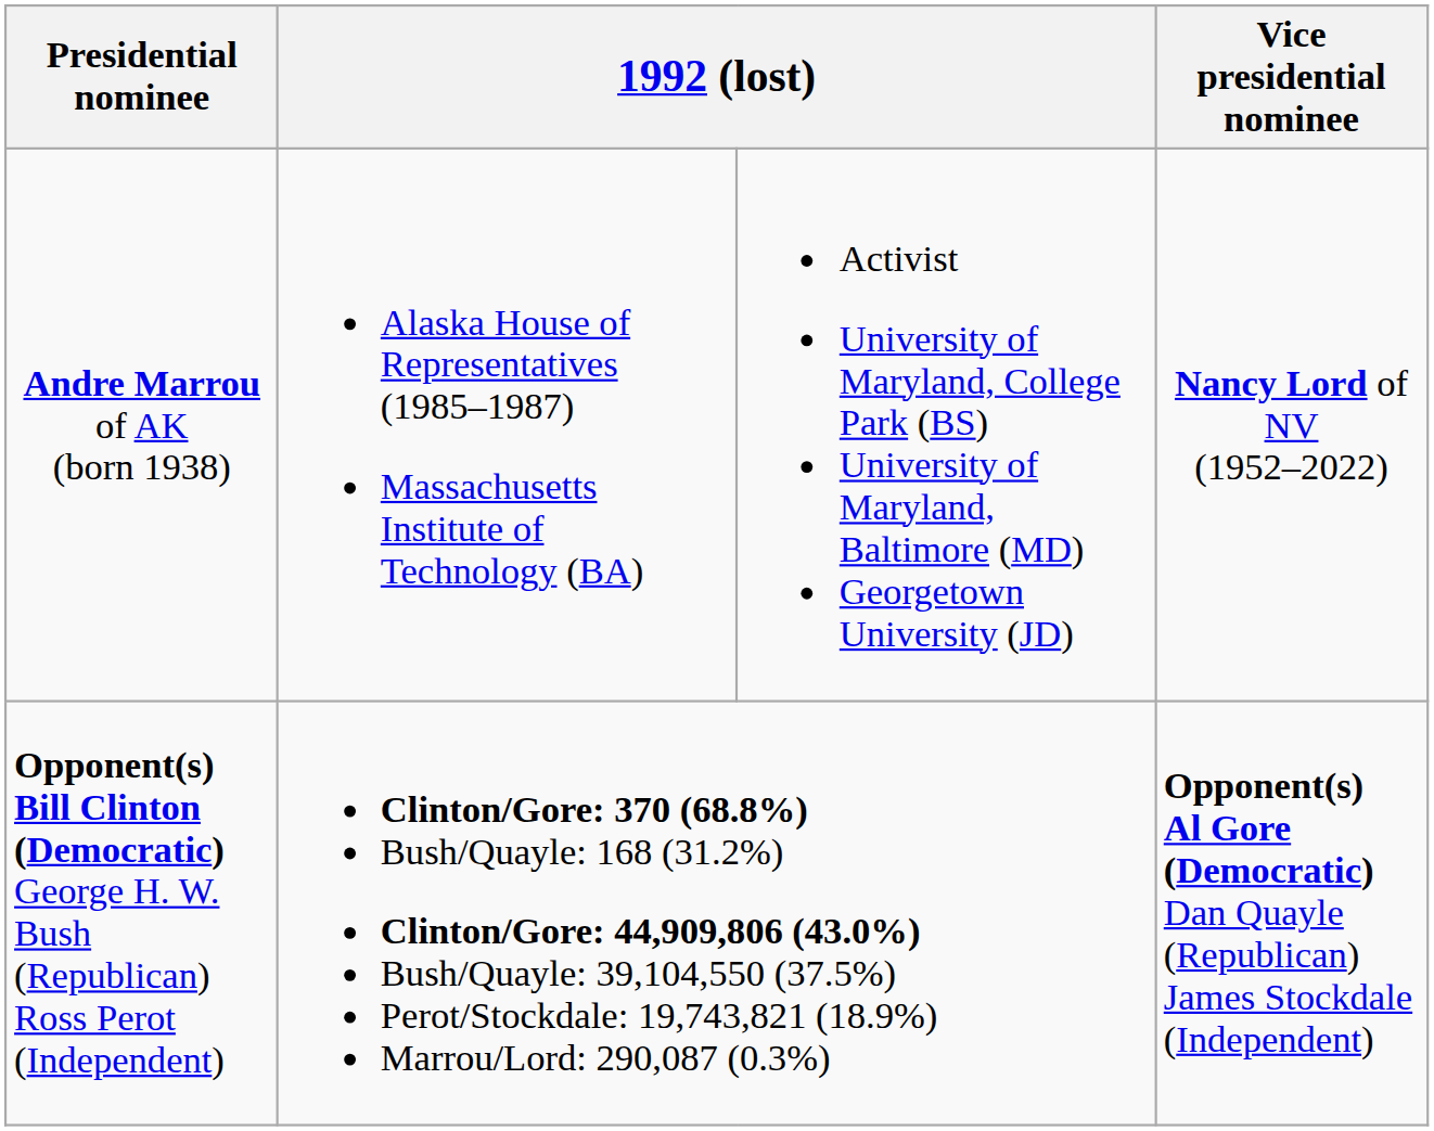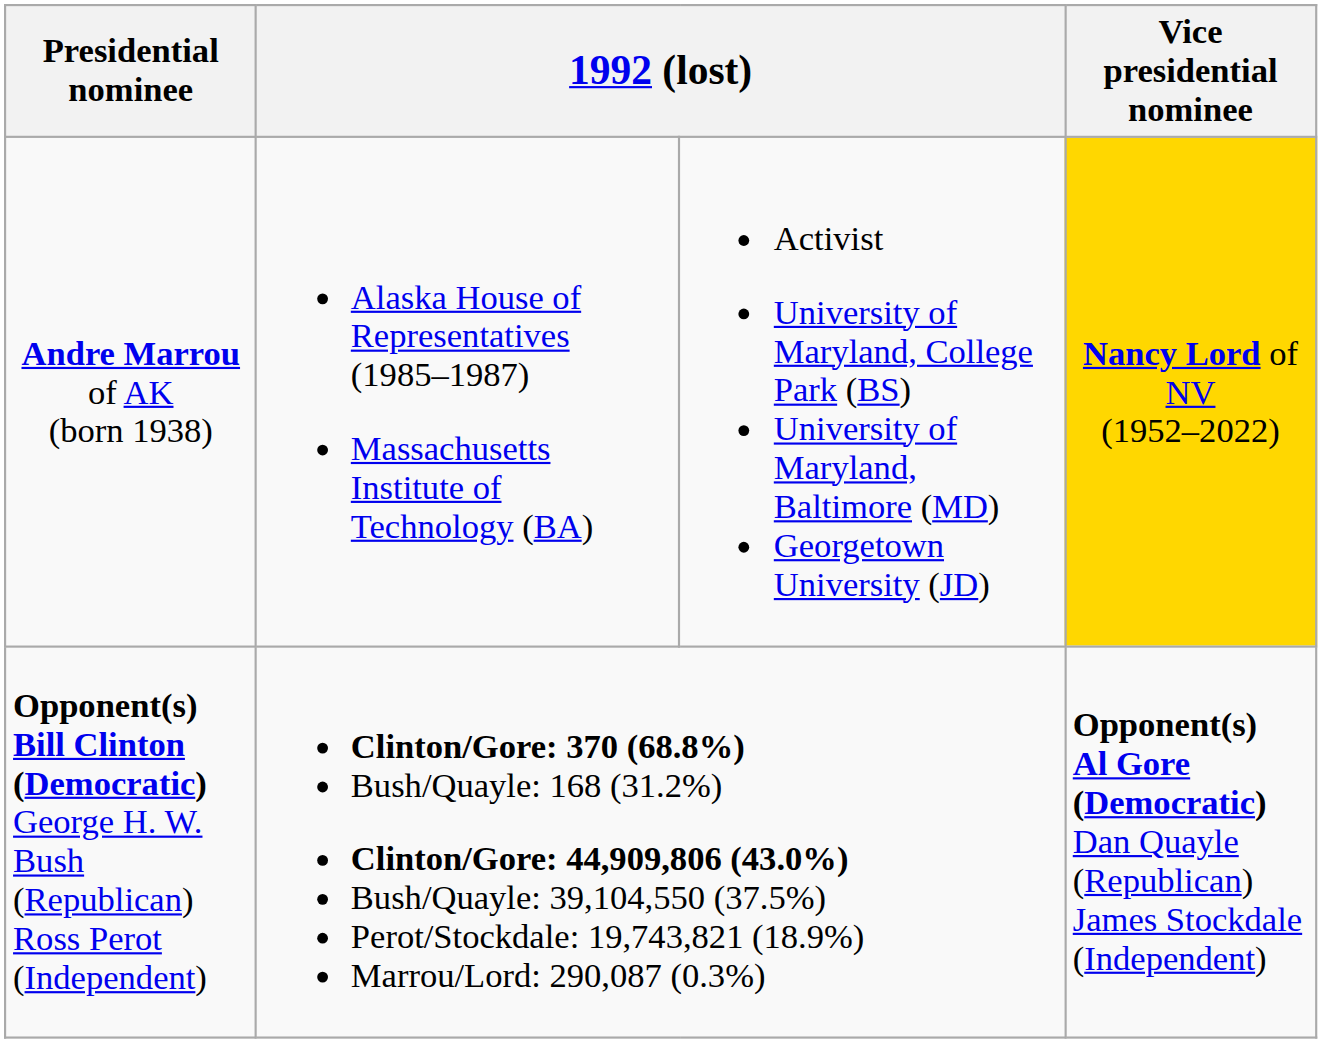 <table class="wikitable">
 <tr>
 <th width=175>Presidential<br>nominee</th>
 <th colspan=2><big><a href='#'>1992</a> (lost)</big></th>
 <th width=175>Vice presidential<br>nominee</th>
 </tr>
 <tr>
 <td style="text-align:center;"><strong><a href='#'>Andre Marrou</a></strong> of <a href='#'>AK</a><br>(born 1938)<br></td>
 <td width=350><br><ul><li><a href='#'>Alaska House of Representatives</a> (1985–1987)</li></ul><ul><li><a href='#'>Massachusetts Institute of Technology</a> (<a href='#'>BA</a>)</li></ul></td>
 <td width=350><br><ul><li>Activist</li></ul><ul><li><a href='#'>University of Maryland, College Park</a> (<a href='#'>BS</a>)</li><li><a href='#'>University of Maryland, Baltimore</a> (<a href='#'>MD</a>)</li><li><a href='#'>Georgetown University</a> (<a href='#'>JD</a>)</li></ul></td>
-<td style="text-align:center;"><strong><a href='#'>Nancy Lord</a></strong> of <a href='#'>NV</a><br>(1952–2022)</td>
+<td style="background: gold; text-align:center;"><strong><a href='#'>Nancy Lord</a></strong> of <a href='#'>NV</a><br>(1952–2022)</td>
 </tr>
 <tr>
 <td><strong>Opponent(s)</strong><br><strong><a href='#'>Bill Clinton</a> (<a href='#'>Democratic</a>)</strong><br><a href='#'>George H. W. Bush</a> (<a href='#'>Republican</a>)<br><a href='#'>Ross Perot</a> (<a href='#'>Independent</a>)</td>
 <td colspan=2><br><ul><li><strong>Clinton/Gore: 370 (68.8%)</strong></li><li>Bush/Quayle: 168 (31.2%)</li></ul><ul><li><strong>Clinton/Gore: 44,909,806 (43.0%)</strong></li><li>Bush/Quayle: 39,104,550 (37.5%)</li><li>Perot/Stockdale: 19,743,821 (18.9%)</li><li>Marrou/Lord: 290,087 (0.3%)</li></ul></td>
 <td><strong>Opponent(s)</strong><br><strong><a href='#'>Al Gore</a> (<a href='#'>Democratic</a>)</strong><br><a href='#'>Dan Quayle</a> (<a href='#'>Republican</a>)<br><a href='#'>James Stockdale</a> (<a href='#'>Independent</a>)</td>
 </tr>
 </table>
